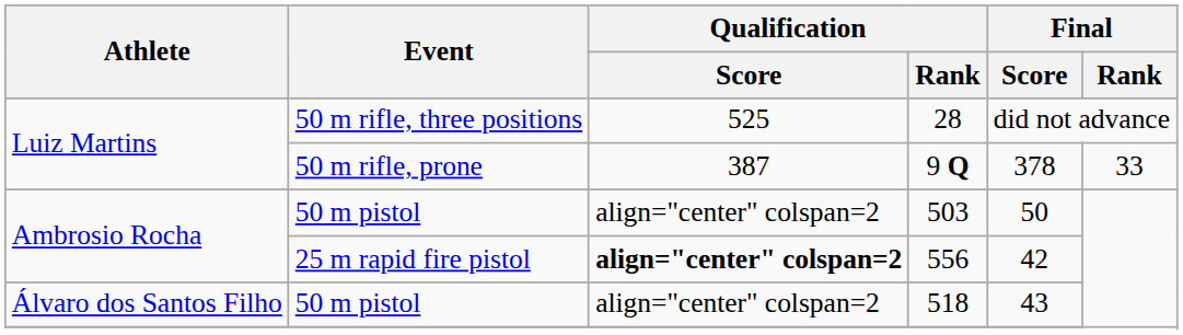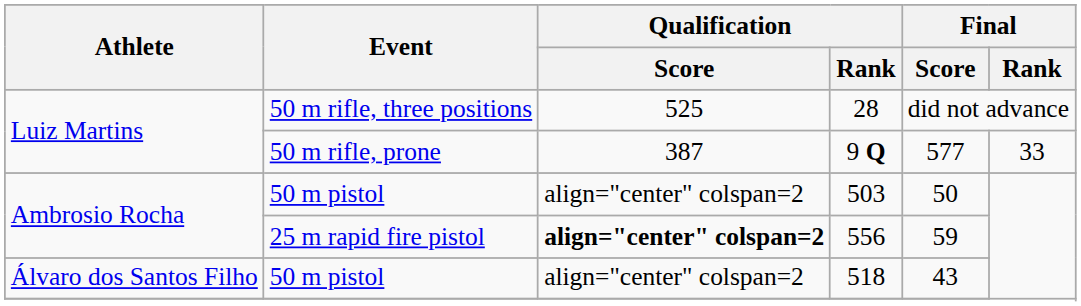 <table class="wikitable" style="font-size:90%">
 <tr>
 <th rowspan="2">Athlete</th>
 <th rowspan="2">Event</th>
 <th colspan="2">Qualification</th>
 <th colspan="2">Final</th>
 </tr>
 <tr>
 <th>Score</th>
 <th>Rank</th>
 <th>Score</th>
 <th>Rank</th>
 </tr>
 <tr>
 <td rowspan=2><a href='#'>Luiz Martins</a></td>
 <td rowspan=1><a href='#'>50 m rifle, three positions</a></td>
 <td align="center">525</td>
 <td align="center">28</td>
 <td align="center" colspan=2>did not advance</td>
 </tr>
 <tr>
 <td rowspan=1><a href='#'>50 m rifle, prone</a></td>
 <td align="center">387</td>
 <td align="center">9 <strong>Q</strong></td>
-<td align="center">378</td>
+<td align="center">577</td>
 <td align="center">33</td>
 </tr>
 <tr>
 <td rowspan=2><a href='#'>Ambrosio Rocha</a></td>
 <td rowspan=1><a href='#'>50 m pistol</a></td>
 <td>align="center" colspan=2 </td>
 <td align="center">503</td>
 <td align="center">50</td>
 </tr>
 <tr>
 <td rowspan=1><a href='#'>25 m rapid fire pistol</a></td>
 <td><strong>align="center" colspan=2 </strong></td>
 <td align="center">556</td>
-<td align="center">42</td>
+<td align="center">59</td>
 </tr>
 <tr>
 <td rowspan=1><a href='#'>Álvaro dos Santos Filho</a></td>
 <td rowspan=1><a href='#'>50 m pistol</a></td>
 <td>align="center" colspan=2 </td>
 <td align="center">518</td>
 <td align="center">43</td>
 </tr>
 <tr>
 </tr>
 </table>
